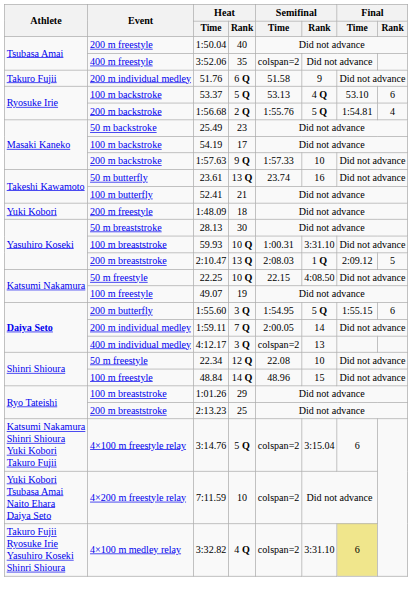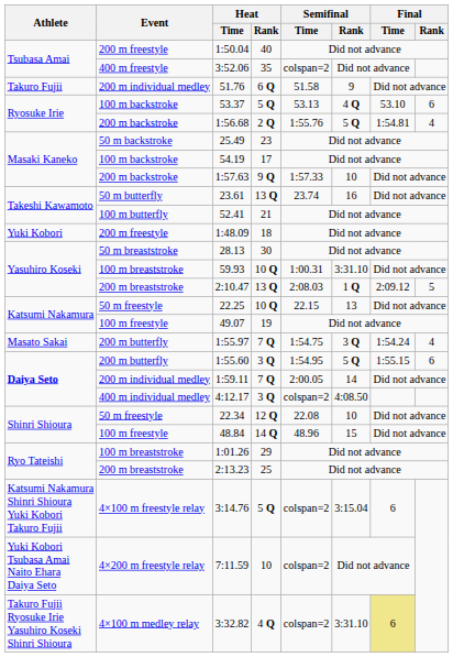 <table class=wikitable style="font-size:90%">
 <tr>
 <th rowspan="2">Athlete</th>
 <th rowspan="2">Event</th>
 <th colspan="2">Heat</th>
 <th colspan="2">Semifinal</th>
 <th colspan="2">Final</th>
 </tr>
 <tr style="font-size:95%">
 <th>Time</th>
 <th>Rank</th>
 <th>Time</th>
 <th>Rank</th>
 <th>Time</th>
 <th>Rank</th>
 </tr>
 <tr align=center>
 <td align=left rowspan=2><a href='#'>Tsubasa Amai</a></td>
 <td align=left><a href='#'>200 m freestyle</a></td>
 <td>1:50.04</td>
 <td>40</td>
 <td colspan=4>Did not advance</td>
 </tr>
 <tr align=center>
 <td align=left><a href='#'>400 m freestyle</a></td>
 <td>3:52.06</td>
 <td>35</td>
 <td>colspan=2 </td>
 <td colspan=2>Did not advance</td>
 </tr>
 <tr align=center>
 <td align=left><a href='#'>Takuro Fujii</a></td>
 <td align=left><a href='#'>200 m individual medley</a></td>
 <td>51.76</td>
 <td>6 <strong>Q</strong></td>
 <td>51.58</td>
 <td>9</td>
 <td colspan=2>Did not advance</td>
 </tr>
 <tr align=center>
 <td align=left rowspan=2><a href='#'>Ryosuke Irie</a></td>
 <td align=left><a href='#'>100 m backstroke</a></td>
 <td>53.37</td>
 <td>5 <strong>Q</strong></td>
 <td>53.13</td>
 <td>4 <strong>Q</strong></td>
 <td>53.10</td>
 <td>6</td>
 </tr>
 <tr align=center>
 <td align=left><a href='#'>200 m backstroke</a></td>
 <td>1:56.68</td>
 <td>2 <strong>Q</strong></td>
 <td>1:55.76</td>
 <td>5 <strong>Q</strong></td>
 <td>1:54.81</td>
 <td>4</td>
 </tr>
 <tr align=center>
 <td align=left rowspan=3><a href='#'>Masaki Kaneko</a></td>
 <td align=left><a href='#'>50 m backstroke</a></td>
 <td>25.49</td>
 <td>23</td>
 <td colspan=4>Did not advance</td>
 </tr>
 <tr align=center>
 <td align=left><a href='#'>100 m backstroke</a></td>
 <td>54.19</td>
 <td>17</td>
 <td colspan=4>Did not advance</td>
 </tr>
 <tr align=center>
 <td align=left><a href='#'>200 m backstroke</a></td>
 <td>1:57.63</td>
 <td>9 <strong>Q</strong></td>
 <td>1:57.33</td>
 <td>10</td>
 <td colspan=2>Did not advance</td>
 </tr>
 <tr align=center>
 <td align=left rowspan=2><a href='#'>Takeshi Kawamoto</a></td>
 <td align=left><a href='#'>50 m butterfly</a></td>
 <td>23.61</td>
 <td>13 <strong>Q</strong></td>
 <td>23.74</td>
 <td>16</td>
 <td colspan=2>Did not advance</td>
 </tr>
 <tr align=center>
 <td align=left><a href='#'>100 m butterfly</a></td>
 <td>52.41</td>
 <td>21</td>
 <td colspan=4>Did not advance</td>
 </tr>
 <tr align=center>
 <td align=left><a href='#'>Yuki Kobori</a></td>
 <td align=left><a href='#'>200 m freestyle</a></td>
 <td>1:48.09</td>
 <td>18</td>
 <td colspan=4>Did not advance</td>
 </tr>
 <tr align=center>
 <td align=left rowspan=3><a href='#'>Yasuhiro Koseki</a></td>
 <td align=left><a href='#'>50 m breaststroke</a></td>
 <td>28.13</td>
 <td>30</td>
 <td colspan=4>Did not advance</td>
 </tr>
 <tr align=center>
 <td align=left><a href='#'>100 m breaststroke</a></td>
 <td>59.93</td>
 <td>10 <strong>Q</strong></td>
 <td>1:00.31</td>
 <td>3:31.10</td>
 <td colspan=2>Did not advance</td>
 </tr>
 <tr align=center>
 <td align=left><a href='#'>200 m breaststroke</a></td>
 <td>2:10.47</td>
 <td>13 <strong>Q</strong></td>
 <td>2:08.03</td>
 <td>1 <strong>Q</strong></td>
 <td>2:09.12</td>
 <td>5</td>
 </tr>
 <tr align=center>
 <td align=left rowspan=2><a href='#'>Katsumi Nakamura</a></td>
 <td align=left><a href='#'>50 m freestyle</a></td>
 <td>22.25</td>
 <td>10 <strong>Q</strong></td>
 <td>22.15</td>
-<td>4:08.50</td>
+<td>13</td>
 <td colspan=2>Did not advance</td>
 </tr>
 <tr align=center>
 <td align=left><a href='#'>100 m freestyle</a></td>
 <td>49.07</td>
 <td>19</td>
 <td colspan=4>Did not advance</td>
+</tr>
+<tr align=center>
+<td align=left><a href='#'>Masato Sakai</a></td>
+<td align=left><a href='#'>200 m butterfly</a></td>
+<td>1:55.97</td>
+<td>7 <strong>Q</strong></td>
+<td>1:54.75</td>
+<td>3 <strong>Q</strong></td>
+<td>1:54.24</td>
+<td>4</td>
 </tr>
 <tr align=center>
 <td align=left rowspan=3><strong><a href='#'>Daiya Seto</a></strong></td>
 <td align=left><a href='#'>200 m butterfly</a></td>
 <td>1:55.60</td>
 <td>3 <strong>Q</strong></td>
 <td>1:54.95</td>
 <td>5 <strong>Q</strong></td>
 <td>1:55.15</td>
 <td>6</td>
 </tr>
 <tr align=center>
 <td align=left><a href='#'>200 m individual medley</a></td>
 <td>1:59.11</td>
 <td>7 <strong>Q</strong></td>
 <td>2:00.05</td>
 <td>14</td>
 <td colspan=2>Did not advance</td>
 </tr>
 <tr align=center>
 <td align=left><a href='#'>400 m individual medley</a></td>
 <td>4:12.17</td>
 <td>3 <strong>Q</strong></td>
 <td>colspan=2 </td>
-<td>13</td>
+<td>4:08.50</td>
 <td></td>
 </tr>
 <tr align=center>
 <td align=left rowspan=2><a href='#'>Shinri Shioura</a></td>
 <td align=left><a href='#'>50 m freestyle</a></td>
 <td>22.34</td>
 <td>12 <strong>Q</strong></td>
 <td>22.08</td>
 <td>10</td>
 <td colspan=2>Did not advance</td>
 </tr>
 <tr align=center>
 <td align=left><a href='#'>100 m freestyle</a></td>
 <td>48.84</td>
 <td>14 <strong>Q</strong></td>
 <td>48.96</td>
 <td>15</td>
 <td colspan=2>Did not advance</td>
 </tr>
 <tr align=center>
 <td align=left rowspan=2><a href='#'>Ryo Tateishi</a></td>
 <td align=left><a href='#'>100 m breaststroke</a></td>
 <td>1:01.26</td>
 <td>29</td>
 <td colspan=4>Did not advance</td>
 </tr>
 <tr align=center>
 <td align=left><a href='#'>200 m breaststroke</a></td>
 <td>2:13.23</td>
 <td>25</td>
 <td colspan=4>Did not advance</td>
 </tr>
 <tr align=center>
 <td align=left><a href='#'>Katsumi Nakamura</a><br><a href='#'>Shinri Shioura</a><br><a href='#'>Yuki Kobori</a><br><a href='#'>Takuro Fujii</a></td>
 <td align=left><a href='#'>4×100 m freestyle relay</a></td>
 <td>3:14.76</td>
 <td>5 <strong>Q</strong></td>
 <td>colspan=2 </td>
 <td>3:15.04</td>
 <td>6</td>
 </tr>
 <tr align=center>
 <td align=left><a href='#'>Yuki Kobori</a><br><a href='#'>Tsubasa Amai</a><br><a href='#'>Naito Ehara</a><br><a href='#'>Daiya Seto</a></td>
 <td align=left><a href='#'>4×200 m freestyle relay</a></td>
 <td>7:11.59</td>
 <td>10</td>
 <td>colspan=2 </td>
 <td colspan=2>Did not advance</td>
 </tr>
 <tr align=center>
 <td align=left><a href='#'>Takuro Fujii</a><br><a href='#'>Ryosuke Irie</a><br><a href='#'>Yasuhiro Koseki</a><br><a href='#'>Shinri Shioura</a></td>
 <td align=left><a href='#'>4×100 m medley relay</a></td>
 <td>3:32.82</td>
 <td>4 <strong>Q</strong></td>
 <td>colspan=2 </td>
 <td>3:31.10</td>
 <td style="background: khaki;">6</td>
 </tr>
 </table>
